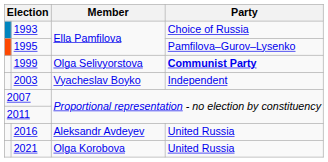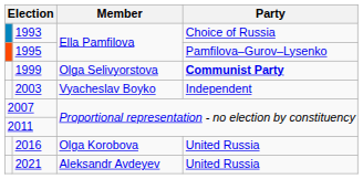 <table class="wikitable">
 <tr>
 <th colspan="2">Election</th>
 <th>Member</th>
 <th>Party</th>
 </tr>
 <tr>
 <td style="background-color:#0085BE"></td>
 <td><a href='#'>1993</a></td>
 <td rowspan=2><a href='#'>Ella Pamfilova</a></td>
 <td><a href='#'>Choice of Russia</a></td>
 </tr>
 <tr>
 <td style="background-color:#FE4801"></td>
 <td><a href='#'>1995</a></td>
 <td><a href='#'>Pamfilova–Gurov–Lysenko</a></td>
 </tr>
 <tr>
 <td style="background-color:"></td>
 <td><a href='#'>1999</a></td>
 <td><a href='#'>Olga Selivyorstova</a></td>
 <td><strong><a href='#'>Communist Party</a></strong></td>
 </tr>
 <tr>
 <td style="background-color:"></td>
 <td><a href='#'>2003</a></td>
 <td><a href='#'>Vyacheslav Boyko</a></td>
 <td><a href='#'>Independent</a></td>
 </tr>
 <tr>
 <td colspan=2><a href='#'>2007</a></td>
 <td colspan=2 rowspan=2><em><a href='#'>Proportional representation</a> - no election by constituency</em></td>
 </tr>
 <tr>
 <td colspan=2><a href='#'>2011</a></td>
 </tr>
 <tr>
 <td style="background-color: "></td>
 <td><a href='#'>2016</a></td>
-<td><a href='#'>Aleksandr Avdeyev</a></td>
+<td><a href='#'>Olga Korobova</a></td>
 <td><a href='#'>United Russia</a></td>
 </tr>
 <tr>
 <td style="background-color: "></td>
 <td><a href='#'>2021</a></td>
-<td><a href='#'>Olga Korobova</a></td>
+<td><a href='#'>Aleksandr Avdeyev</a></td>
 <td><a href='#'>United Russia</a></td>
 </tr>
 </table>
